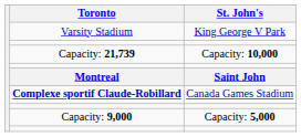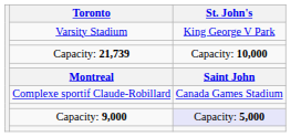 <table class="wikitable" style="text-align:center">
 <tr>
 <th rowspan=10><br></th>
 <th><a href='#'>Toronto</a></th>
 <th><a href='#'>St. John's</a></th>
 </tr>
 <tr>
 <td><a href='#'>Varsity Stadium</a></td>
 <td><a href='#'>King George V Park</a></td>
 </tr>
 <tr>
 <td><small></small></td>
 <td><small></small></td>
 </tr>
 <tr>
 <td>Capacity: <strong>21,739</strong></td>
 <td>Capacity: <strong>10,000</strong></td>
 </tr>
 <tr>
 <td></td>
 <td></td>
 </tr>
 <tr>
 <th><a href='#'>Montreal</a></th>
 <th><a href='#'>Saint John</a></th>
 </tr>
 <tr>
-<td><strong><a href='#'>Complexe sportif Claude-Robillard</a></strong></td>
+<td><a href='#'>Complexe sportif Claude-Robillard</a></td>
 <td><a href='#'>Canada Games Stadium</a></td>
 </tr>
 <tr>
 <td><small></small></td>
 <td><small></small></td>
 </tr>
 <tr>
 <td>Capacity: <strong>9,000</strong></td>
-<td>Capacity: <strong>5,000</strong></td>
+<td style="background: lavender;">Capacity: <strong>5,000</strong></td>
 </tr>
 <tr>
 <td></td>
 <td></td>
 </tr>
 </table>
